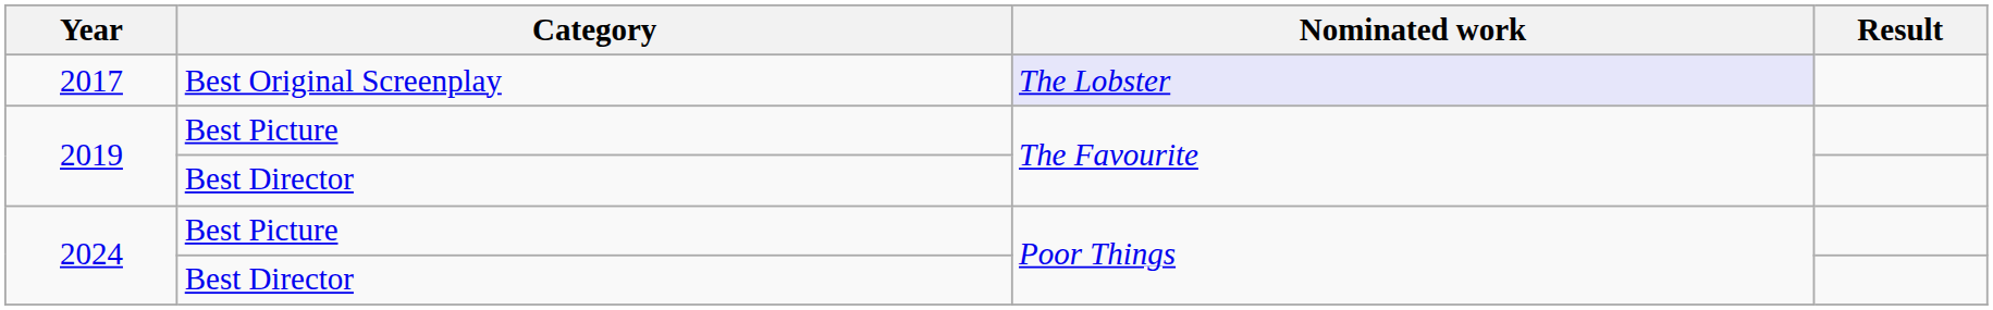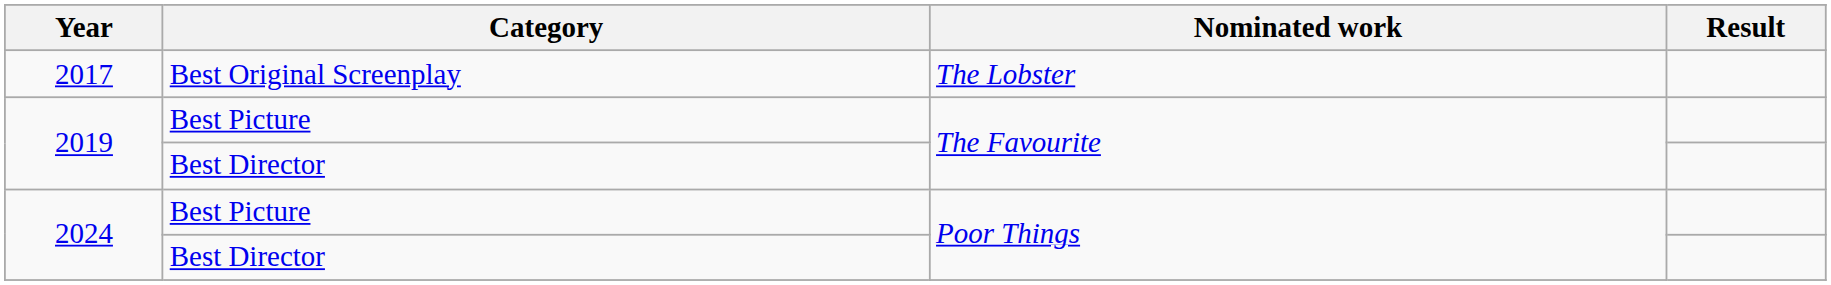 <table class=wikitable>
 <tr>
 <th scope="col" style="width:5em;">Year</th>
 <th scope="col" style="width:26em;">Category</th>
 <th scope="col" style="width:25em;">Nominated work</th>
 <th scope="col" style="width:5em;">Result</th>
 </tr>
 <tr>
 <td style="text-align:center;"><a href='#'>2017</a></td>
 <td><a href='#'>Best Original Screenplay</a></td>
-<td style="background: lavender;"><em><a href='#'>The Lobster</a></em></td>
+<td><em><a href='#'>The Lobster</a></em></td>
 <td></td>
 </tr>
 <tr>
 <td style="text-align:center;", rowspan="2"><a href='#'>2019</a></td>
 <td><a href='#'>Best Picture</a></td>
 <td rowspan="2"><em><a href='#'>The Favourite</a></em></td>
 <td></td>
 </tr>
 <tr>
 <td><a href='#'>Best Director</a></td>
 <td></td>
 </tr>
 <tr>
 <td style="text-align:center;", rowspan="2"><a href='#'>2024</a></td>
 <td><a href='#'>Best Picture</a></td>
 <td rowspan="2"><a href='#'><em>Poor Things</em></a></td>
 <td></td>
 </tr>
 <tr>
 <td><a href='#'>Best Director</a></td>
 <td></td>
 </tr>
 </table>
